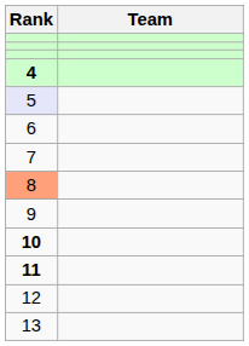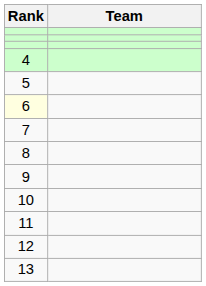 <table class=wikitable style="text-align:center;">
 <tr>
 <th>Rank</th>
 <th width=160>Team</th>
 </tr>
 <tr bgcolor=#CCFFCC>
 <td></td>
 <td align=left></td>
 </tr>
 <tr bgcolor=ccffcc>
 <td></td>
 <td align=left></td>
 </tr>
 <tr bgcolor=ccffcc>
 <td></td>
 <td align=left></td>
 </tr>
 <tr bgcolor=ccffcc>
-<td><strong>4</strong></td>
+<td>4</td>
 <td align=left></td>
 </tr>
 <tr>
-<td style="background: lavender;">5</td>
+<td>5</td>
 <td align=left></td>
 </tr>
 <tr>
-<td>6</td>
+<td style="background: lightyellow;">6</td>
 <td align=left></td>
 </tr>
 <tr>
 <td>7</td>
 <td align=left></td>
 </tr>
 <tr>
-<td style="background: lightsalmon;">8</td>
+<td>8</td>
 <td align=left></td>
 </tr>
 <tr>
 <td>9</td>
 <td align=left></td>
 </tr>
 <tr>
-<td><strong>10</strong></td>
+<td>10</td>
 <td align=left></td>
 </tr>
 <tr>
-<td><strong>11</strong></td>
+<td>11</td>
 <td align=left></td>
 </tr>
 <tr>
 <td>12</td>
 <td align=left></td>
 </tr>
 <tr>
 <td>13</td>
 <td align=left></td>
 </tr>
 </table>
